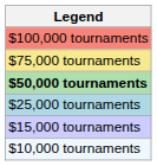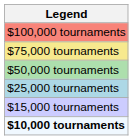 <table class="wikitable" style="font-size:85%">
 <tr>
 <th>Legend</th>
 </tr>
 <tr style="background:#f88379;">
 <td>$100,000 tournaments</td>
 </tr>
 <tr style="background:#f7e98e;">
 <td>$75,000 tournaments</td>
 </tr>
 <tr style="background:#addfad;">
-<td><strong>$50,000 tournaments</strong></td>
+<td>$50,000 tournaments</td>
 </tr>
 <tr style="background:lightblue;">
 <td>$25,000 tournaments</td>
 </tr>
 <tr style="background:#ccccff;">
 <td>$15,000 tournaments</td>
 </tr>
 <tr style="background:#f0f8ff;">
-<td>$10,000 tournaments</td>
+<td><strong>$10,000 tournaments</strong></td>
 </tr>
 </table>
